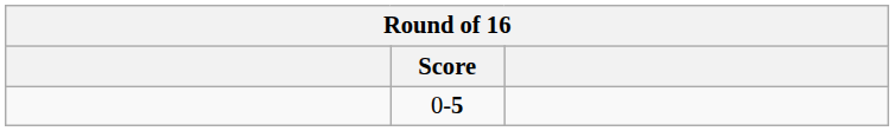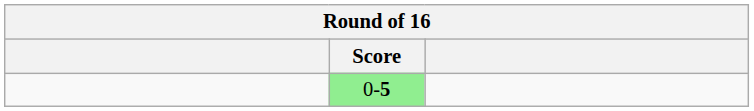 <table class="wikitable" style="text-align: center; font-size:90% ">
 <tr>
 <th colspan=3>Round of 16</th>
 </tr>
 <tr>
 <th align="right" width=220></th>
 <th width="60">Score</th>
 <th align="left" width=220></th>
 </tr>
 <tr>
 <td align=left></td>
-<td align=center>0-<strong>5</strong></td>
+<td align=center style="background: lightgreen;">0-<strong>5</strong></td>
 <td align=left><strong></strong></td>
 </tr>
 </table>
